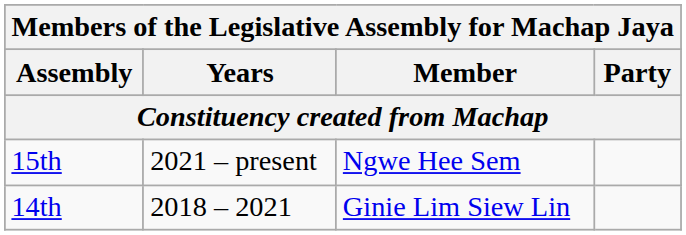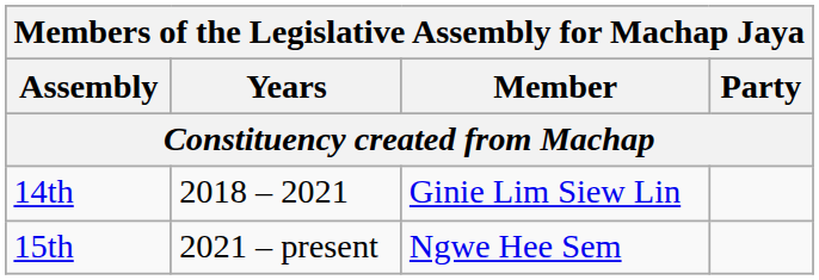 <table class=wikitable>
 <tr>
 <th colspan=4>Members of the Legislative Assembly for Machap Jaya</th>
 </tr>
 <tr>
 <th>Assembly</th>
 <th>Years</th>
 <th>Member</th>
 <th>Party</th>
 </tr>
 <tr>
 <th colspan=4 align=center><em>Constituency created from Machap</em></th>
 </tr>
 <tr>
+<td><a href='#'>14th</a></td>
+<td>2018 – 2021</td>
+<td><a href='#'>Ginie Lim Siew Lin</a></td>
+<td></td>
+</tr>
+<tr>
 <td><a href='#'>15th</a></td>
 <td>2021 – present</td>
 <td><a href='#'>Ngwe Hee Sem</a></td>
 <td></td>
 </tr>
-<tr>
-<td><a href='#'>14th</a></td>
-<td>2018 – 2021</td>
-<td><a href='#'>Ginie Lim Siew Lin</a></td>
-<td></td>
-</tr>
 </table>
